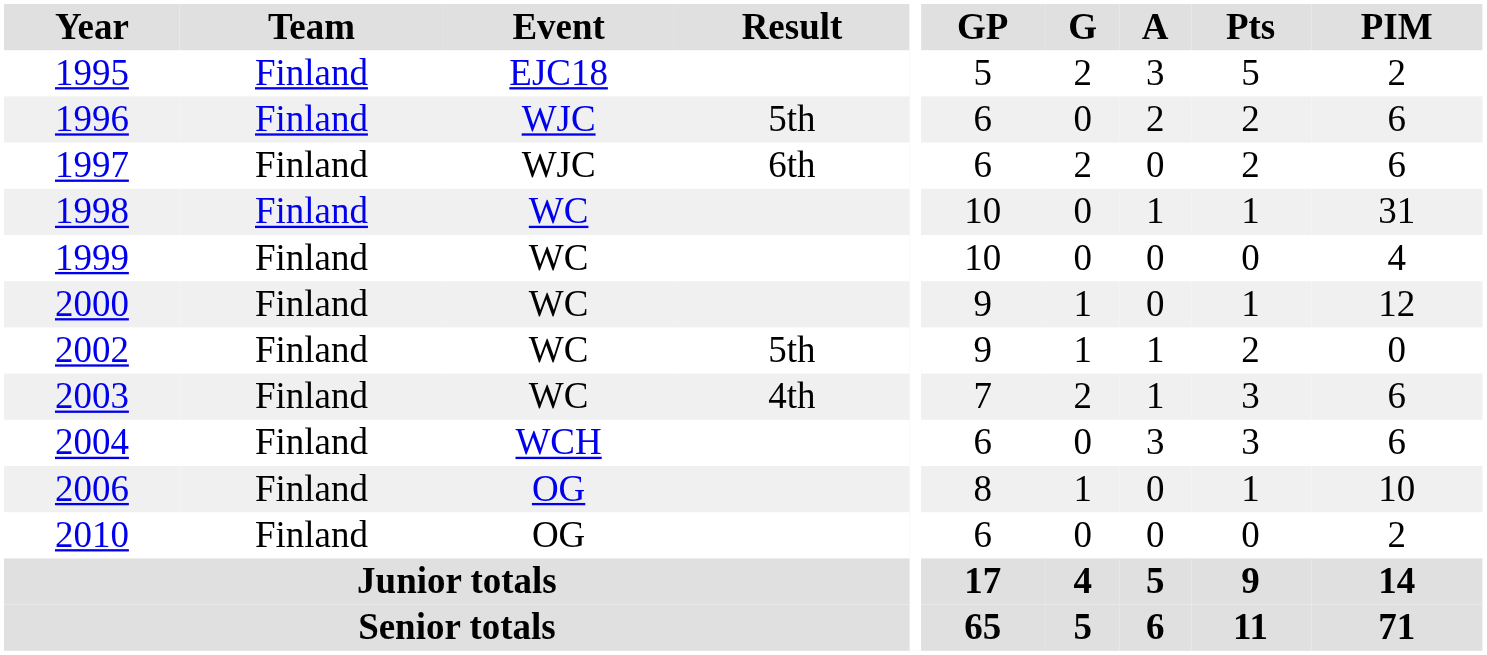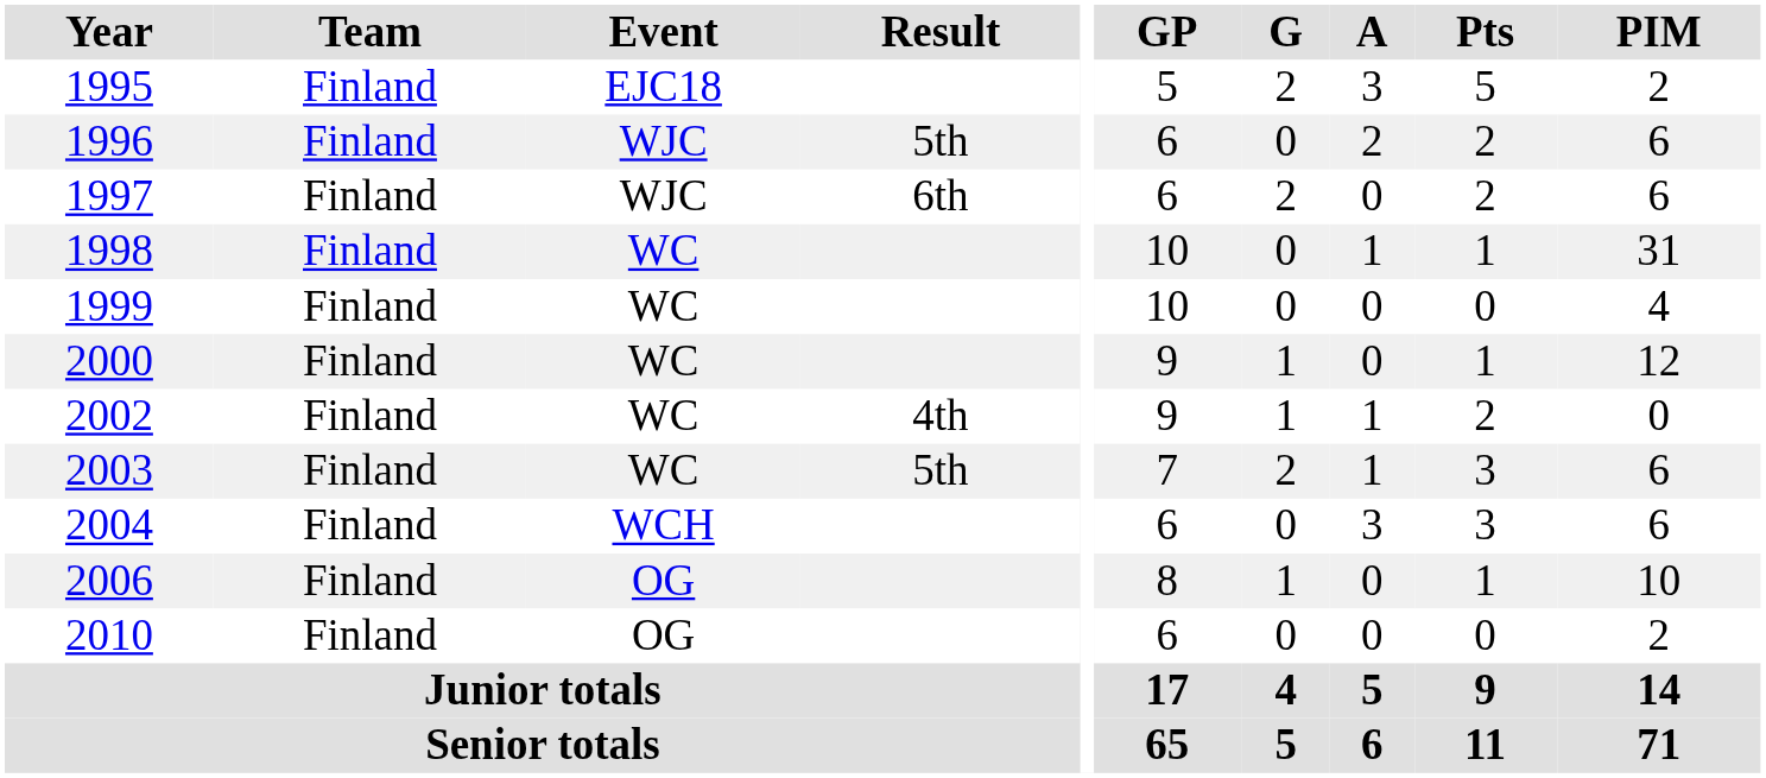 <table border="0" cellpadding="1" cellspacing="0" ID="Table3" style="text-align:center; width:40em">
 <tr ALIGN="center" bgcolor="#e0e0e0">
 <th>Year</th>
 <th>Team</th>
 <th>Event</th>
 <th>Result</th>
 <th rowspan="99" bgcolor="#ffffff"></th>
 <th>GP</th>
 <th>G</th>
 <th>A</th>
 <th>Pts</th>
 <th>PIM</th>
 </tr>
 <tr>
 <td><a href='#'>1995</a></td>
 <td><a href='#'>Finland</a></td>
 <td><a href='#'>EJC18</a></td>
 <td></td>
 <td>5</td>
 <td>2</td>
 <td>3</td>
 <td>5</td>
 <td>2</td>
 </tr>
 <tr bgcolor="#f0f0f0">
 <td><a href='#'>1996</a></td>
 <td><a href='#'>Finland</a></td>
 <td><a href='#'>WJC</a></td>
 <td>5th</td>
 <td>6</td>
 <td>0</td>
 <td>2</td>
 <td>2</td>
 <td>6</td>
 </tr>
 <tr>
 <td><a href='#'>1997</a></td>
 <td>Finland</td>
 <td>WJC</td>
 <td>6th</td>
 <td>6</td>
 <td>2</td>
 <td>0</td>
 <td>2</td>
 <td>6</td>
 </tr>
 <tr bgcolor="#f0f0f0">
 <td><a href='#'>1998</a></td>
 <td><a href='#'>Finland</a></td>
 <td><a href='#'>WC</a></td>
 <td></td>
 <td>10</td>
 <td>0</td>
 <td>1</td>
 <td>1</td>
 <td>31</td>
 </tr>
 <tr>
 <td><a href='#'>1999</a></td>
 <td>Finland</td>
 <td>WC</td>
 <td></td>
 <td>10</td>
 <td>0</td>
 <td>0</td>
 <td>0</td>
 <td>4</td>
 </tr>
 <tr bgcolor="#f0f0f0">
 <td><a href='#'>2000</a></td>
 <td>Finland</td>
 <td>WC</td>
 <td></td>
 <td>9</td>
 <td>1</td>
 <td>0</td>
 <td>1</td>
 <td>12</td>
 </tr>
 <tr>
 <td><a href='#'>2002</a></td>
 <td>Finland</td>
 <td>WC</td>
-<td>5th</td>
+<td>4th</td>
 <td>9</td>
 <td>1</td>
 <td>1</td>
 <td>2</td>
 <td>0</td>
 </tr>
 <tr bgcolor="#f0f0f0">
 <td><a href='#'>2003</a></td>
 <td>Finland</td>
 <td>WC</td>
-<td>4th</td>
+<td>5th</td>
 <td>7</td>
 <td>2</td>
 <td>1</td>
 <td>3</td>
 <td>6</td>
 </tr>
 <tr>
 <td><a href='#'>2004</a></td>
 <td>Finland</td>
 <td><a href='#'>WCH</a></td>
 <td></td>
 <td>6</td>
 <td>0</td>
 <td>3</td>
 <td>3</td>
 <td>6</td>
 </tr>
 <tr bgcolor="#f0f0f0">
 <td><a href='#'>2006</a></td>
 <td>Finland</td>
 <td><a href='#'>OG</a></td>
 <td></td>
 <td>8</td>
 <td>1</td>
 <td>0</td>
 <td>1</td>
 <td>10</td>
 </tr>
 <tr>
 <td><a href='#'>2010</a></td>
 <td>Finland</td>
 <td>OG</td>
 <td></td>
 <td>6</td>
 <td>0</td>
 <td>0</td>
 <td>0</td>
 <td>2</td>
 </tr>
 <tr bgcolor="#e0e0e0">
 <th colspan="4">Junior totals</th>
 <th>17</th>
 <th>4</th>
 <th>5</th>
 <th>9</th>
 <th>14</th>
 </tr>
 <tr bgcolor="#e0e0e0">
 <th colspan="4">Senior totals</th>
 <th>65</th>
 <th>5</th>
 <th>6</th>
 <th>11</th>
 <th>71</th>
 </tr>
 </table>
